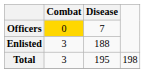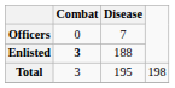 <table border ="1" class="wikitable floatright" style="width 20%">
 <tr>
 <th></th>
 <th>Combat</th>
 <th>Disease</th>
 </tr>
 <tr>
 <th>Officers</th>
-<td align="center" style="background: gold;">0</td>
+<td align="center">0</td>
 <td align="center">7</td>
 </tr>
 <tr>
 <th>Enlisted</th>
-<td align="center">3</td>
+<td align="center"><strong>3</strong></td>
 <td align="center">188</td>
 </tr>
 <tr>
 <th>Total</th>
 <td align="center">3</td>
 <td align="center">195</td>
 <td align="center">198</td>
 </tr>
 <tr>
 </tr>
 </table>
